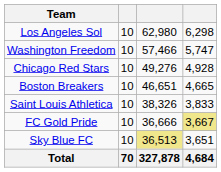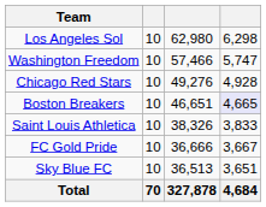 <table class="wikitable sortable" style="font-size: 95%;text-align: center;">
 <tr>
 <th>Team</th>
 <th></th>
 <th></th>
 <th></th>
 </tr>
 <tr>
 <td><a href='#'>Los Angeles Sol</a></td>
 <td>10</td>
 <td>62,980</td>
 <td>6,298</td>
 </tr>
 <tr>
 <td><a href='#'>Washington Freedom</a></td>
 <td>10</td>
 <td>57,466</td>
 <td>5,747</td>
 </tr>
 <tr>
 <td><a href='#'>Chicago Red Stars</a></td>
 <td>10</td>
 <td>49,276</td>
 <td>4,928</td>
 </tr>
 <tr>
 <td><a href='#'>Boston Breakers</a></td>
 <td>10</td>
 <td>46,651</td>
-<td>4,665</td>
+<td style="background: lavender;">4,665</td>
 </tr>
 <tr>
 <td><a href='#'>Saint Louis Athletica</a></td>
 <td>10</td>
 <td>38,326</td>
 <td>3,833</td>
 </tr>
 <tr>
 <td><a href='#'>FC Gold Pride</a></td>
 <td>10</td>
 <td>36,666</td>
-<td style="background: khaki;">3,667</td>
+<td>3,667</td>
 </tr>
 <tr>
 <td><a href='#'>Sky Blue FC</a></td>
 <td>10</td>
-<td style="background: khaki;">36,513</td>
+<td>36,513</td>
 <td>3,651</td>
 </tr>
 <tr>
 <th>Total</th>
 <th>70</th>
 <th>327,878</th>
 <th>4,684</th>
 </tr>
 </table>
